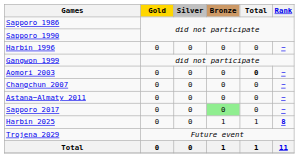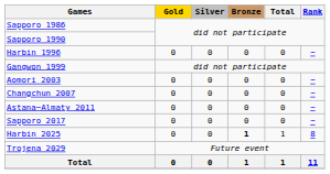 <table class="wikitable sortable" style="margin-top:0em; text-align:center; font-size:90%;">
 <tr>
 <th style="width:18em;">Games</th>
 <th style="width:4em; background:gold;">Gold</th>
 <th style="width:4em; background:silver;">Silver</th>
 <th style="width:4em; background:#cc9966;">Bronze</th>
 <th style="width:4em;">Total</th>
 <th style="width:2em;"><a href='#'>Rank</a></th>
 </tr>
 <tr>
 <td align=left> <a href='#'>Sapporo 1986</a></td>
 <td colspan=5 rowspan="2"><em>did not participate</em></td>
 </tr>
 <tr>
 <td align=left> <a href='#'>Sapporo 1990</a></td>
 </tr>
 <tr>
 <td align=left> <a href='#'>Harbin 1996</a></td>
 <td>0</td>
 <td>0</td>
 <td>0</td>
 <td>0</td>
 <td><a href='#'>−</a></td>
 </tr>
 <tr>
 <td align=left> <a href='#'>Gangwon 1999</a></td>
 <td colspan=5><em>did not participate</em></td>
 </tr>
 <tr>
 <td align=left> <a href='#'>Aomori 2003</a></td>
 <td>0</td>
 <td>0</td>
 <td>0</td>
-<td><strong>0</strong></td>
+<td>0</td>
 <td><a href='#'>−</a></td>
 </tr>
 <tr>
 <td align=left> <a href='#'>Changchun 2007</a></td>
 <td>0</td>
 <td>0</td>
 <td>0</td>
 <td>0</td>
 <td><a href='#'>−</a></td>
 </tr>
 <tr>
 <td align=left> <a href='#'>Astana−Almaty 2011</a></td>
 <td>0</td>
 <td>0</td>
 <td>0</td>
 <td>0</td>
 <td><a href='#'>−</a></td>
 </tr>
 <tr>
 <td align=left> <a href='#'>Sapporo 2017</a></td>
 <td>0</td>
 <td>0</td>
-<td style="background: lightgreen;">0</td>
+<td>0</td>
 <td>0</td>
 <td><a href='#'>−</a></td>
 </tr>
 <tr>
 <td align=left> <a href='#'>Harbin 2025</a></td>
 <td>0</td>
 <td>0</td>
+<td><strong>1</strong></td>
 <td>1</td>
-<td>1</td>
-<td><strong><a href='#'>8</a></strong></td>
+<td><a href='#'>8</a></td>
 </tr>
 <tr>
 <td align=left> <a href='#'>Trojena 2029</a></td>
 <td colspan=5><em>Future event</em></td>
 </tr>
 <tr>
 <th><strong>Total</strong></th>
 <th><strong>0</strong></th>
 <th><strong>0</strong></th>
 <th><strong>1</strong></th>
 <th><strong>1</strong></th>
 <th><strong><a href='#'>11</a></strong></th>
 </tr>
 <tr class="sortbottom">
 </tr>
 </table>
